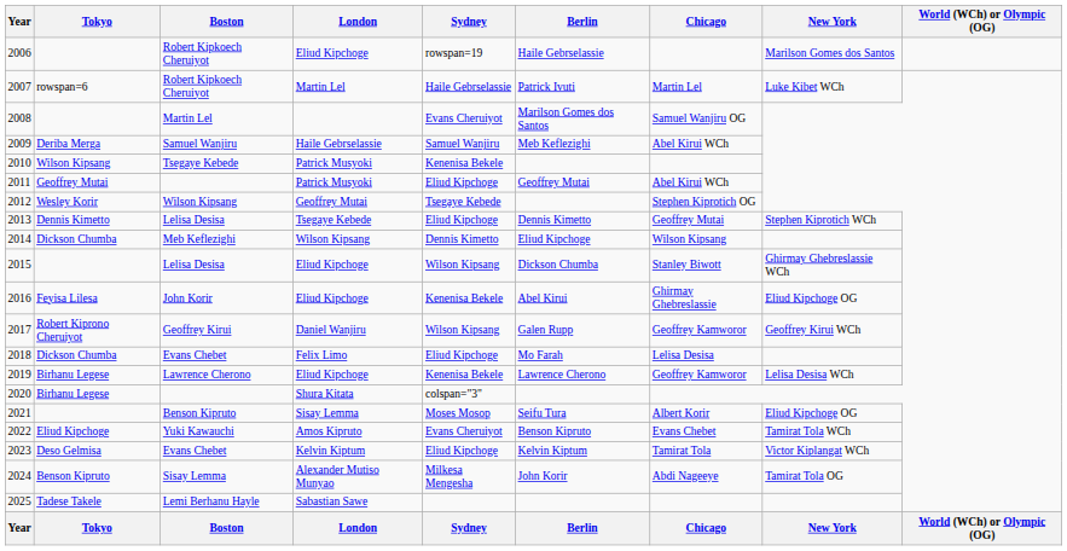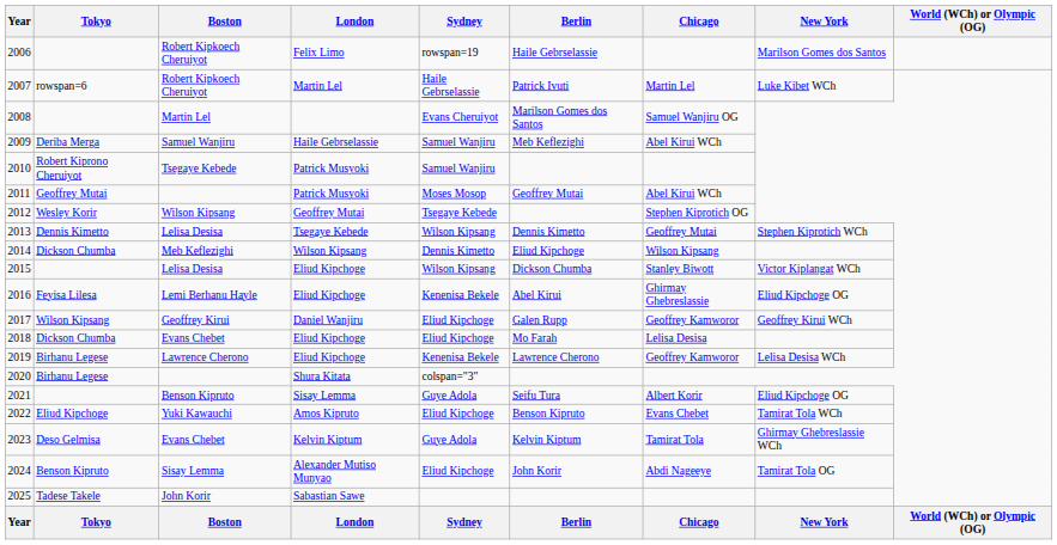 <table class="wikitable"  style="font-size: 85%">
 <tr>
 <th>Year</th>
 <th><a href='#'>Tokyo</a></th>
 <th><a href='#'>Boston</a></th>
 <th><a href='#'>London</a></th>
 <th><a href='#'>Sydney</a></th>
 <th><a href='#'>Berlin</a></th>
 <th><a href='#'>Chicago</a></th>
 <th><a href='#'>New York</a></th>
 <th><a href='#'>World</a> (WCh) or <a href='#'>Olympic</a> (OG)</th>
 </tr>
 <tr>
 <td>2006</td>
 <td></td>
 <td> <a href='#'>Robert Kipkoech Cheruiyot</a> </td>
-<td> <a href='#'>Eliud Kipchoge</a> </td>
+<td> <a href='#'>Felix Limo</a></td>
 <td>rowspan=19 </td>
 <td> <a href='#'>Haile Gebrselassie</a> </td>
 <td> </td>
 <td> <a href='#'>Marilson Gomes dos Santos</a> </td>
 <td></td>
 </tr>
 <tr>
 <td>2007</td>
 <td>rowspan=6 </td>
 <td> <a href='#'>Robert Kipkoech Cheruiyot</a> </td>
 <td> <a href='#'>Martin Lel</a> </td>
 <td> <a href='#'>Haile Gebrselassie</a> </td>
 <td> <a href='#'>Patrick Ivuti</a></td>
 <td> <a href='#'>Martin Lel</a> </td>
 <td> <a href='#'>Luke Kibet</a>  WCh</td>
 </tr>
 <tr>
 <td>2008</td>
 <td> </td>
 <td> <a href='#'>Martin Lel</a> </td>
 <td> </td>
 <td> <a href='#'>Evans Cheruiyot</a></td>
 <td> <a href='#'>Marilson Gomes dos Santos</a> </td>
 <td> <a href='#'>Samuel Wanjiru</a>  OG </td>
 </tr>
 <tr>
 <td>2009</td>
 <td> <a href='#'>Deriba Merga</a></td>
 <td> <a href='#'>Samuel Wanjiru</a> </td>
 <td> <a href='#'>Haile Gebrselassie</a> </td>
 <td> <a href='#'>Samuel Wanjiru</a> </td>
 <td> <a href='#'>Meb Keflezighi</a> </td>
 <td> <a href='#'>Abel Kirui</a>  WCh </td>
 </tr>
 <tr>
 <td>2010</td>
-<td> <a href='#'>Wilson Kipsang</a> </td>
+<td> <a href='#'>Robert Kiprono Cheruiyot</a></td>
 <td> <a href='#'>Tsegaye Kebede</a> </td>
 <td> <a href='#'>Patrick Musyoki</a> </td>
-<td> <a href='#'>Kenenisa Bekele</a> </td>
+<td> <a href='#'>Samuel Wanjiru</a> </td>
 <td></td>
 <td></td>
 </tr>
 <tr>
 <td>2011</td>
 <td> <a href='#'>Geoffrey Mutai</a> </td>
 <td></td>
 <td> <a href='#'>Patrick Musyoki</a> </td>
-<td> <a href='#'>Eliud Kipchoge</a> </td>
+<td> <a href='#'>Moses Mosop</a></td>
 <td> <a href='#'>Geoffrey Mutai</a> </td>
 <td> <a href='#'>Abel Kirui</a>  WCh </td>
 </tr>
 <tr>
 <td>2012</td>
 <td> <a href='#'>Wesley Korir</a></td>
 <td> <a href='#'>Wilson Kipsang</a> </td>
 <td> <a href='#'>Geoffrey Mutai</a> </td>
 <td> <a href='#'>Tsegaye Kebede</a> </td>
 <td></td>
 <td> <a href='#'>Stephen Kiprotich</a>  OG </td>
 </tr>
 <tr>
 <td>2013</td>
 <td> <a href='#'>Dennis Kimetto</a> </td>
 <td> <a href='#'>Lelisa Desisa</a> </td>
 <td> <a href='#'>Tsegaye Kebede</a> </td>
-<td> <a href='#'>Eliud Kipchoge</a> </td>
+<td> <a href='#'>Wilson Kipsang</a> </td>
 <td> <a href='#'>Dennis Kimetto</a> </td>
 <td> <a href='#'>Geoffrey Mutai</a> </td>
 <td> <a href='#'>Stephen Kiprotich</a>  WCh </td>
 </tr>
 <tr>
 <td>2014</td>
 <td> <a href='#'>Dickson Chumba</a> </td>
 <td> <a href='#'>Meb Keflezighi</a> </td>
 <td> <a href='#'>Wilson Kipsang</a> </td>
 <td> <a href='#'>Dennis Kimetto</a> </td>
 <td> <a href='#'>Eliud Kipchoge</a> </td>
 <td> <a href='#'>Wilson Kipsang</a> </td>
 <td></td>
 </tr>
 <tr>
 <td>2015</td>
 <td></td>
 <td> <a href='#'>Lelisa Desisa</a> </td>
 <td> <a href='#'>Eliud Kipchoge</a> </td>
 <td> <a href='#'>Wilson Kipsang</a> </td>
 <td> <a href='#'>Dickson Chumba</a> </td>
 <td> <a href='#'>Stanley Biwott</a></td>
-<td> <a href='#'>Ghirmay Ghebreslassie</a>  WCh</td>
+<td> <a href='#'>Victor Kiplangat</a>  WCh</td>
 </tr>
 <tr>
 <td>2016</td>
 <td> <a href='#'>Feyisa Lilesa</a></td>
-<td> <a href='#'>John Korir</a> </td>
+<td> <a href='#'>Lemi Berhanu Hayle</a></td>
 <td> <a href='#'>Eliud Kipchoge</a> </td>
 <td> <a href='#'>Kenenisa Bekele</a> </td>
 <td> <a href='#'>Abel Kirui</a></td>
 <td> <a href='#'>Ghirmay Ghebreslassie</a></td>
 <td> <a href='#'>Eliud Kipchoge</a>  OG </td>
 </tr>
 <tr>
 <td>2017</td>
-<td> <a href='#'>Robert Kiprono Cheruiyot</a></td>
+<td> <a href='#'>Wilson Kipsang</a> </td>
 <td> <a href='#'>Geoffrey Kirui</a> </td>
 <td> <a href='#'>Daniel Wanjiru</a></td>
-<td> <a href='#'>Wilson Kipsang</a> </td>
+<td> <a href='#'>Eliud Kipchoge</a> </td>
 <td> <a href='#'>Galen Rupp</a></td>
 <td> <a href='#'>Geoffrey Kamworor</a> </td>
 <td> <a href='#'>Geoffrey Kirui</a>  WCh </td>
 </tr>
 <tr>
 <td>2018</td>
 <td> <a href='#'>Dickson Chumba</a> </td>
 <td> <a href='#'>Evans Chebet</a> </td>
-<td> <a href='#'>Felix Limo</a></td>
+<td> <a href='#'>Eliud Kipchoge</a> </td>
 <td> <a href='#'>Eliud Kipchoge</a> </td>
 <td> <a href='#'>Mo Farah</a></td>
 <td> <a href='#'>Lelisa Desisa</a> </td>
 <td></td>
 </tr>
 <tr>
 <td>2019</td>
 <td> <a href='#'>Birhanu Legese</a> </td>
 <td> <a href='#'>Lawrence Cherono</a> </td>
 <td> <a href='#'>Eliud Kipchoge</a> </td>
 <td> <a href='#'>Kenenisa Bekele</a> </td>
 <td> <a href='#'>Lawrence Cherono</a> </td>
 <td> <a href='#'>Geoffrey Kamworor</a> </td>
 <td> <a href='#'>Lelisa Desisa</a>  WCh </td>
 </tr>
 <tr>
 <td>2020</td>
 <td> <a href='#'>Birhanu Legese</a> </td>
 <td></td>
 <td> <a href='#'>Shura Kitata</a></td>
 <td>colspan="3" </td>
 <td></td>
 </tr>
 <tr>
 <td>2021</td>
 <td></td>
 <td> <a href='#'>Benson Kipruto</a> </td>
 <td> <a href='#'>Sisay Lemma</a> </td>
-<td> <a href='#'>Moses Mosop</a></td>
+<td> <a href='#'>Guye Adola</a></td>
 <td> <a href='#'>Seifu Tura</a></td>
 <td> <a href='#'>Albert Korir</a></td>
 <td> <a href='#'>Eliud Kipchoge</a>  OG </td>
 </tr>
 <tr>
 <td>2022</td>
 <td> <a href='#'>Eliud Kipchoge</a> </td>
 <td> <a href='#'>Yuki Kawauchi</a></td>
 <td> <a href='#'>Amos Kipruto</a></td>
-<td> <a href='#'>Evans Cheruiyot</a></td>
+<td> <a href='#'>Eliud Kipchoge</a> </td>
 <td> <a href='#'>Benson Kipruto</a> </td>
 <td> <a href='#'>Evans Chebet</a> </td>
 <td> <a href='#'>Tamirat Tola</a>  WCh </td>
 </tr>
 <tr>
 <td>2023</td>
 <td> <a href='#'>Deso Gelmisa</a></td>
 <td> <a href='#'>Evans Chebet</a> </td>
 <td> <a href='#'>Kelvin Kiptum</a> </td>
-<td> <a href='#'>Eliud Kipchoge</a> </td>
+<td> <a href='#'>Guye Adola</a></td>
 <td> <a href='#'>Kelvin Kiptum</a> </td>
 <td> <a href='#'>Tamirat Tola</a> </td>
-<td> <a href='#'>Victor Kiplangat</a>  WCh</td>
+<td> <a href='#'>Ghirmay Ghebreslassie</a>  WCh</td>
 </tr>
 <tr>
 <td>2024</td>
 <td> <a href='#'>Benson Kipruto</a> </td>
 <td> <a href='#'>Sisay Lemma</a> </td>
 <td> <a href='#'>Alexander Mutiso Munyao</a></td>
-<td> <a href='#'>Milkesa Mengesha</a></td>
+<td> <a href='#'>Eliud Kipchoge</a> </td>
 <td> <a href='#'>John Korir</a> </td>
 <td> <a href='#'>Abdi Nageeye</a></td>
 <td> <a href='#'>Tamirat Tola</a>  OG </td>
 </tr>
 <tr>
 <td>2025</td>
 <td> <a href='#'>Tadese Takele</a></td>
-<td> <a href='#'>Lemi Berhanu Hayle</a></td>
+<td> <a href='#'>John Korir</a> </td>
 <td> <a href='#'>Sabastian Sawe</a></td>
 <td></td>
 <td></td>
 <td></td>
 <td></td>
 </tr>
 <tr>
 <th>Year</th>
 <th><a href='#'>Tokyo</a></th>
 <th><a href='#'>Boston</a></th>
 <th><a href='#'>London</a></th>
 <th><a href='#'>Sydney</a></th>
 <th><a href='#'>Berlin</a></th>
 <th><a href='#'>Chicago</a></th>
 <th><a href='#'>New York</a></th>
 <th><a href='#'>World</a> (WCh) or <a href='#'>Olympic</a> (OG)</th>
 </tr>
 </table>
